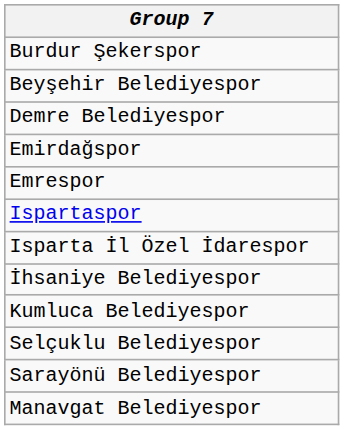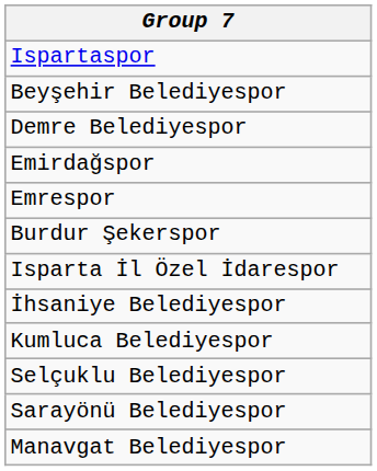 <table class="wikitable collapsible collapsed" style="font-size:95%;">
 <tr>
 <th colspan="1" width="200"><em>Group 7</em></th>
 </tr>
 <tr>
-<td>Burdur Şekerspor</td>
+<td><a href='#'>Ispartaspor</a></td>
 </tr>
 <tr>
 <td>Beyşehir Belediyespor</td>
 </tr>
 <tr>
 <td>Demre Belediyespor</td>
 </tr>
 <tr>
 <td>Emirdağspor</td>
 </tr>
 <tr>
 <td>Emrespor</td>
 </tr>
 <tr>
-<td><a href='#'>Ispartaspor</a></td>
+<td>Burdur Şekerspor</td>
 </tr>
 <tr>
 <td>Isparta İl Özel İdarespor</td>
 </tr>
 <tr>
 <td>İhsaniye Belediyespor</td>
 </tr>
 <tr>
 <td>Kumluca Belediyespor</td>
 </tr>
 <tr>
 <td>Selçuklu Belediyespor</td>
 </tr>
 <tr>
 <td>Sarayönü Belediyespor</td>
 </tr>
 <tr>
 <td>Manavgat Belediyespor</td>
 </tr>
 </table>
